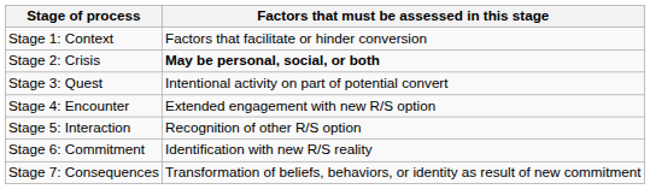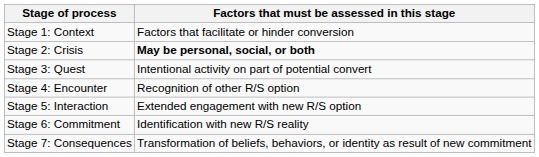 <table class="wikitable">
 <tr>
 <th>Stage of process</th>
 <th>Factors that must be assessed in this stage</th>
 </tr>
 <tr>
 <td>Stage 1: Context</td>
 <td>Factors that facilitate or hinder conversion</td>
 </tr>
 <tr>
 <td>Stage 2: Crisis</td>
 <td><strong>May be personal, social, or both</strong></td>
 </tr>
 <tr>
 <td>Stage 3: Quest</td>
 <td>Intentional activity on part of potential convert</td>
 </tr>
 <tr>
 <td>Stage 4: Encounter</td>
-<td>Extended engagement with new R/S option</td>
+<td>Recognition of other R/S option</td>
 </tr>
 <tr>
 <td>Stage 5: Interaction</td>
-<td>Recognition of other R/S option</td>
+<td>Extended engagement with new R/S option</td>
 </tr>
 <tr>
 <td>Stage 6: Commitment</td>
 <td>Identification with new R/S reality</td>
 </tr>
 <tr>
 <td>Stage 7: Consequences</td>
 <td>Transformation of beliefs, behaviors, or identity as result of new commitment</td>
 </tr>
 </table>
